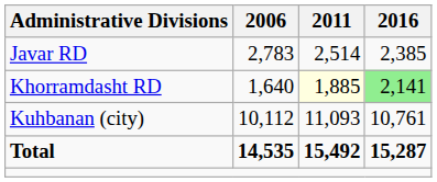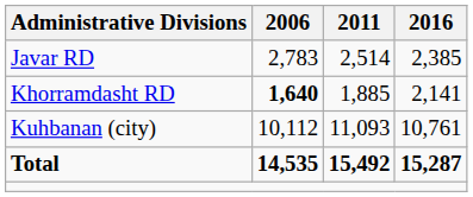 <table class="wikitable">
 <tr>
 <th>Administrative Divisions</th>
 <th>2006</th>
 <th>2011</th>
 <th>2016</th>
 </tr>
 <tr>
 <td><a href='#'>Javar RD</a></td>
 <td style="text-align: right;">2,783</td>
 <td style="text-align: right;">2,514</td>
 <td style="text-align: right;">2,385</td>
 </tr>
 <tr>
 <td><a href='#'>Khorramdasht RD</a></td>
-<td style="text-align: right;">1,640</td>
-<td style="background: lightyellow; text-align: right;">1,885</td>
-<td style="background: lightgreen; text-align: right;">2,141</td>
+<td style="text-align: right;"><strong>1,640</strong></td>
+<td style="text-align: right;">1,885</td>
+<td style="text-align: right;">2,141</td>
 </tr>
 <tr>
 <td><a href='#'>Kuhbanan</a> (city)</td>
 <td style="text-align: right;">10,112</td>
 <td style="text-align: right;">11,093</td>
 <td style="text-align: right;">10,761</td>
 </tr>
 <tr>
 <td><strong>Total</strong></td>
 <td style="text-align: right;"><strong>14,535</strong></td>
 <td style="text-align: right;"><strong>15,492</strong></td>
 <td style="text-align: right;"><strong>15,287</strong></td>
 </tr>
 <tr>
 <td colspan=4></td>
 </tr>
 </table>
